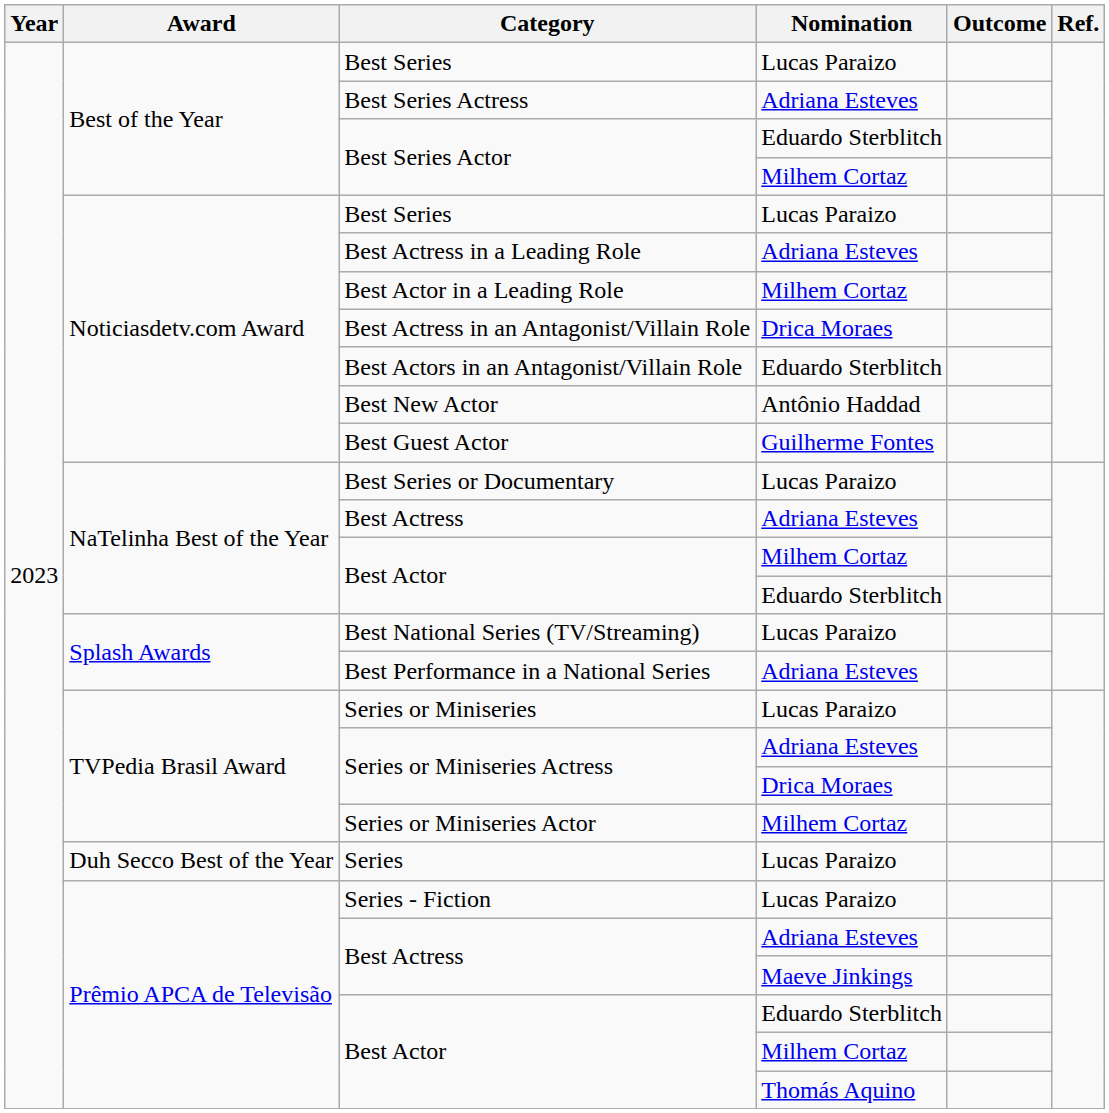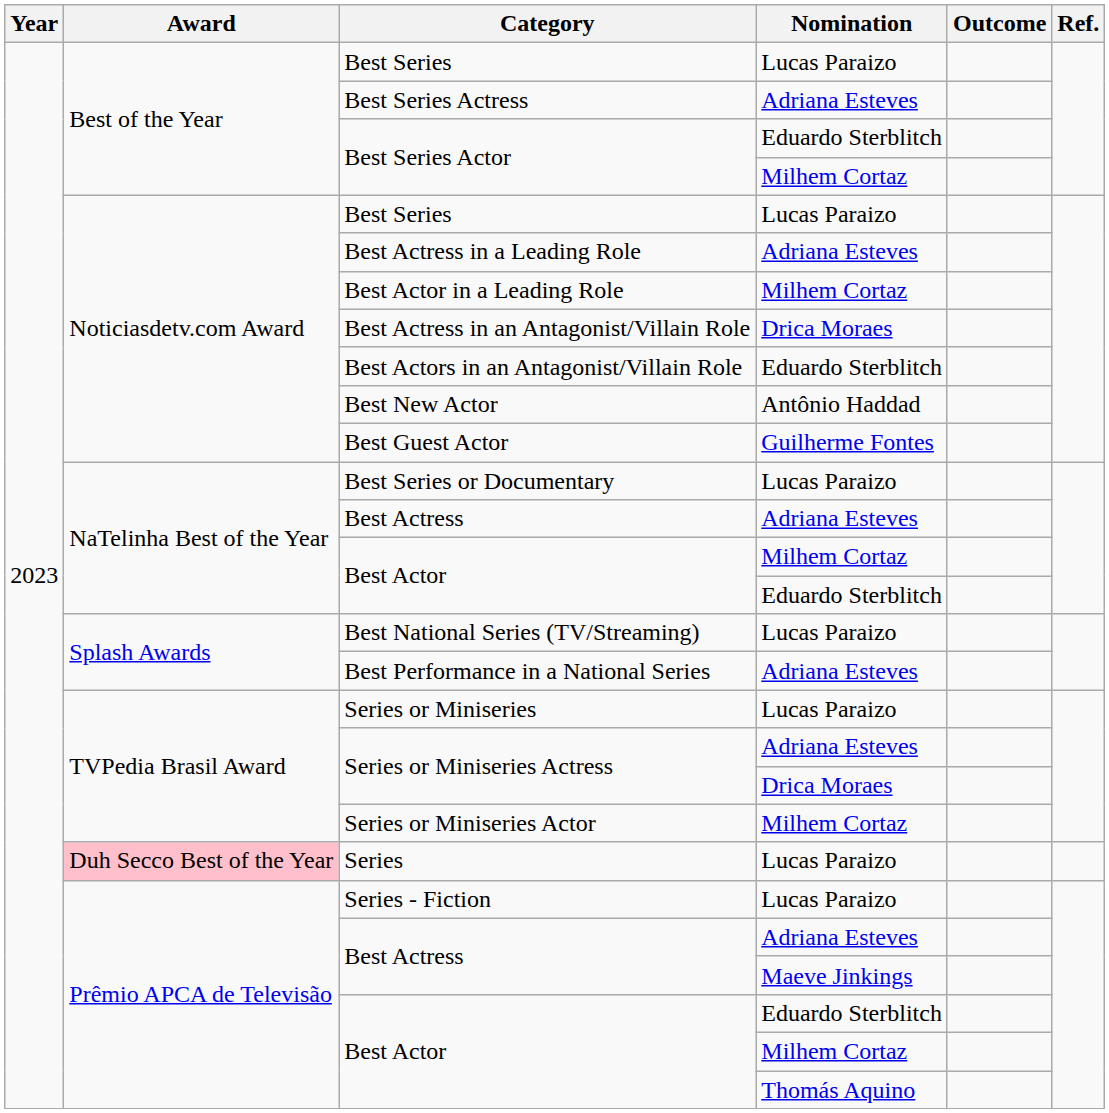 <table class="wikitable">
 <tr>
 <th>Year</th>
 <th>Award</th>
 <th>Category</th>
 <th>Nomination</th>
 <th>Outcome</th>
 <th>Ref.</th>
 </tr>
 <tr>
 <td rowspan="28">2023</td>
 <td rowspan="4">Best of the Year</td>
 <td>Best Series</td>
 <td>Lucas Paraizo</td>
 <td></td>
 <td rowspan="4"><br><br></td>
 </tr>
 <tr>
 <td>Best Series Actress</td>
 <td><a href='#'>Adriana Esteves</a></td>
 <td></td>
 </tr>
 <tr>
 <td rowspan="2">Best Series Actor</td>
 <td>Eduardo Sterblitch</td>
 <td></td>
 </tr>
 <tr>
 <td><a href='#'>Milhem Cortaz</a></td>
 <td></td>
 </tr>
 <tr>
 <td rowspan="7">Noticiasdetv.com Award</td>
 <td>Best Series</td>
 <td>Lucas Paraizo</td>
 <td></td>
 <td rowspan="7"></td>
 </tr>
 <tr>
 <td>Best Actress in a Leading Role</td>
 <td><a href='#'>Adriana Esteves</a></td>
 <td></td>
 </tr>
 <tr>
 <td>Best Actor in a Leading Role</td>
 <td><a href='#'>Milhem Cortaz</a></td>
 <td></td>
 </tr>
 <tr>
 <td>Best Actress in an Antagonist/Villain Role</td>
 <td><a href='#'>Drica Moraes</a></td>
 <td></td>
 </tr>
 <tr>
 <td>Best Actors in an Antagonist/Villain Role</td>
 <td>Eduardo Sterblitch</td>
 <td></td>
 </tr>
 <tr>
 <td>Best New Actor</td>
 <td>Antônio Haddad</td>
 <td></td>
 </tr>
 <tr>
 <td>Best Guest Actor</td>
 <td><a href='#'>Guilherme Fontes</a></td>
 <td></td>
 </tr>
 <tr>
 <td rowspan="4">NaTelinha Best of the Year</td>
 <td>Best Series or Documentary</td>
 <td>Lucas Paraizo</td>
 <td></td>
 <td rowspan="4"></td>
 </tr>
 <tr>
 <td>Best Actress</td>
 <td><a href='#'>Adriana Esteves</a></td>
 <td></td>
 </tr>
 <tr>
 <td rowspan="2">Best Actor</td>
 <td><a href='#'>Milhem Cortaz</a></td>
 <td></td>
 </tr>
 <tr>
 <td>Eduardo Sterblitch</td>
 <td></td>
 </tr>
 <tr>
 <td rowspan="2"><a href='#'>Splash Awards</a></td>
 <td>Best National Series (TV/Streaming)</td>
 <td>Lucas Paraizo</td>
 <td></td>
 <td rowspan="2"></td>
 </tr>
 <tr>
 <td>Best Performance in a National Series</td>
 <td><a href='#'>Adriana Esteves</a></td>
 <td></td>
 </tr>
 <tr>
 <td rowspan="4">TVPedia Brasil Award</td>
 <td>Series or Miniseries</td>
 <td>Lucas Paraizo</td>
 <td></td>
 <td rowspan="4"></td>
 </tr>
 <tr>
 <td rowspan="2">Series or Miniseries Actress</td>
 <td><a href='#'>Adriana Esteves</a></td>
 <td></td>
 </tr>
 <tr>
 <td><a href='#'>Drica Moraes</a></td>
 <td></td>
 </tr>
 <tr>
 <td>Series or Miniseries Actor</td>
 <td><a href='#'>Milhem Cortaz</a></td>
 <td></td>
 </tr>
 <tr>
-<td>Duh Secco Best of the Year</td>
+<td style="background: pink;">Duh Secco Best of the Year</td>
 <td>Series</td>
 <td>Lucas Paraizo</td>
 <td></td>
 <td></td>
 </tr>
 <tr>
 <td rowspan="6"><a href='#'>Prêmio APCA de Televisão</a></td>
 <td>Series - Fiction</td>
 <td>Lucas Paraizo</td>
 <td></td>
 <td rowspan="6"><br><br></td>
 </tr>
 <tr>
 <td rowspan="2">Best Actress</td>
 <td><a href='#'>Adriana Esteves</a></td>
 <td></td>
 </tr>
 <tr>
 <td><a href='#'>Maeve Jinkings</a></td>
 <td></td>
 </tr>
 <tr>
 <td rowspan="3">Best Actor</td>
 <td>Eduardo Sterblitch</td>
 <td></td>
 </tr>
 <tr>
 <td><a href='#'>Milhem Cortaz</a></td>
 <td></td>
 </tr>
 <tr>
 <td><a href='#'>Thomás Aquino</a></td>
 <td></td>
 </tr>
 <tr>
 </tr>
 </table>
